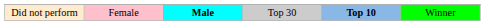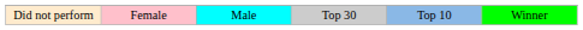 <table class="wikitable" style="margin:1em auto; text-align:center;">
 <tr>
 </tr>
 <tr>
 <td style="background:#ffebcd; width:15%;">Did not perform</td>
 <td style="background:pink; width:15%;">Female</td>
-<td style="background:cyan; width:15%;"><strong>Male</strong></td>
+<td style="background:cyan; width:15%;">Male</td>
 <td style="background:#ccc; width:15%;">Top 30</td>
-<td style="background:#8ab8e6; width:15%;"><strong>Top 10</strong></td>
+<td style="background:#8ab8e6; width:15%;">Top 10</td>
 <td style="background:lime; width:15%;">Winner</td>
 </tr>
 </table>
